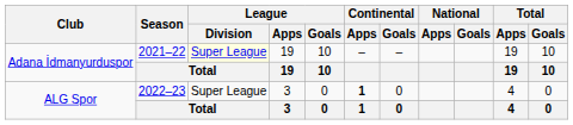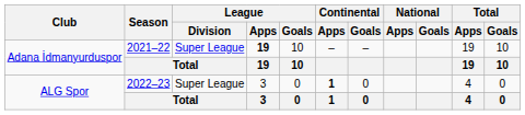 <table class="wikitable" style="text-align: center;">
 <tr>
 <th rowspan=2>Club</th>
 <th rowspan=2>Season</th>
 <th colspan=3>League</th>
 <th colspan=2>Continental</th>
 <th colspan=2>National</th>
 <th colspan=2>Total</th>
 </tr>
 <tr>
 <th>Division</th>
 <th>Apps</th>
 <th>Goals</th>
 <th>Apps</th>
 <th>Goals</th>
 <th>Apps</th>
 <th>Goals</th>
 <th>Apps</th>
 <th>Goals</th>
 </tr>
 <tr>
 <td rowspan=2><a href='#'>Adana İdmanyurduspor</a></td>
 <td><a href='#'>2021–22</a></td>
-<td style="background: lightyellow;"><a href='#'>Super League</a></td>
-<td>19</td>
+<td><a href='#'>Super League</a></td>
+<td><strong>19</strong></td>
 <td>10</td>
 <td>–</td>
 <td>–</td>
 <td></td>
 <td></td>
 <td>19</td>
 <td>10</td>
 </tr>
 <tr>
 <th colspan="2">Total</th>
 <th>19</th>
 <th>10</th>
 <th></th>
 <th></th>
 <th></th>
 <th></th>
 <th>19</th>
 <th>10</th>
 </tr>
 <tr>
 <td rowspan=2><a href='#'>ALG Spor</a></td>
 <td><a href='#'>2022–23</a></td>
 <td>Super League</td>
 <td>3</td>
 <td>0</td>
 <td><strong>1</strong></td>
 <td>0</td>
 <td></td>
 <td></td>
 <td>4</td>
 <td>0</td>
 </tr>
 <tr>
 <th colspan="2">Total</th>
 <th>3</th>
 <th>0</th>
 <th>1</th>
 <th>0</th>
 <th></th>
 <th></th>
 <th>4</th>
 <th>0</th>
 </tr>
 </table>
